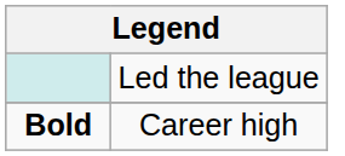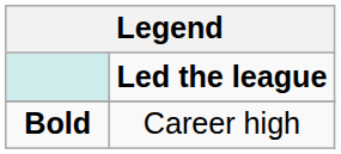 <table class="wikitable" style="text-align:center;">
 <tr>
 <th colspan="2">Legend</th>
 </tr>
 <tr>
 <td style="background:#cfecec; width:3em;"></td>
-<td>Led the league</td>
+<td><strong>Led the league</strong></td>
 </tr>
 <tr>
 </tr>
 <tr>
 <td><strong> Bold </strong></td>
 <td>Career high</td>
 </tr>
 </table>
